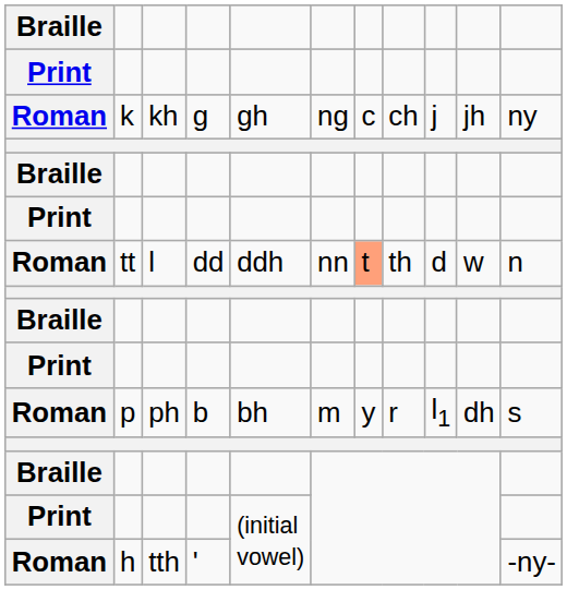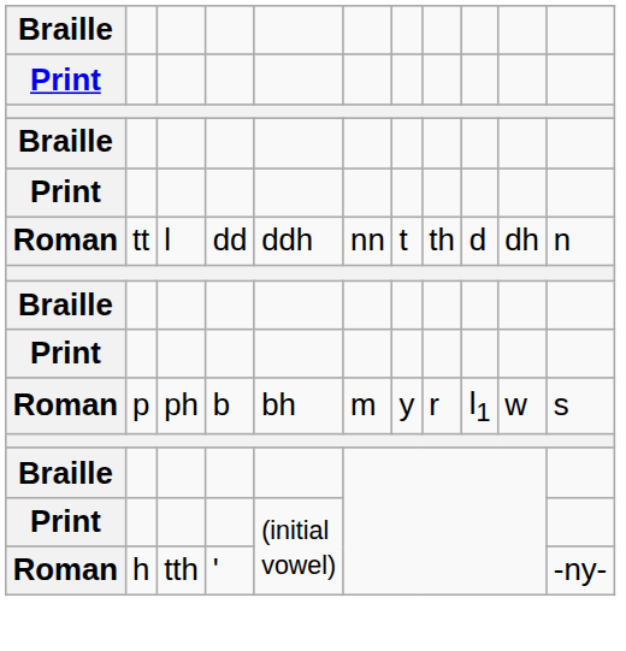 <table class="wikitable">
 <tr>
 <th>Braille</th>
 <td></td>
 <td></td>
 <td></td>
 <td></td>
 <td></td>
 <td></td>
 <td></td>
 <td></td>
 <td></td>
 <td></td>
 </tr>
 <tr>
 <th><a href='#'>Print</a></th>
 <td><big></big></td>
 <td><big></big></td>
 <td><big></big></td>
 <td><big></big></td>
 <td><big></big></td>
 <td><big></big></td>
 <td><big></big></td>
 <td><big></big></td>
 <td><big></big></td>
 <td><big></big></td>
-</tr>
-<tr>
-<th><a href='#'>Roman</a></th>
-<td>k</td>
-<td>kh</td>
-<td>g</td>
-<td>gh</td>
-<td>ng</td>
-<td>c</td>
-<td>ch</td>
-<td>j</td>
-<td>jh</td>
-<td>ny</td>
 </tr>
 <tr>
 <th colspan=11></th>
 </tr>
 <tr>
 <th>Braille</th>
 <td></td>
 <td></td>
 <td></td>
 <td></td>
 <td></td>
 <td></td>
 <td></td>
 <td></td>
 <td></td>
 <td></td>
 </tr>
 <tr>
 <th>Print</th>
 <td><big></big></td>
 <td><big></big></td>
 <td><big></big></td>
 <td><big></big></td>
 <td><big></big></td>
 <td><big></big></td>
 <td><big></big></td>
 <td><big></big></td>
 <td><big></big></td>
 <td><big></big></td>
 </tr>
 <tr>
 <th>Roman</th>
 <td>tt</td>
 <td>l</td>
 <td>dd</td>
 <td>ddh</td>
 <td>nn</td>
-<td style="background: lightsalmon;">t</td>
+<td>t</td>
 <td>th</td>
 <td>d</td>
-<td>w</td>
+<td>dh</td>
 <td>n</td>
 </tr>
 <tr>
 <th colspan=11></th>
 </tr>
 <tr>
 <th>Braille</th>
 <td></td>
 <td></td>
 <td></td>
 <td></td>
 <td></td>
 <td></td>
 <td></td>
 <td></td>
 <td></td>
 <td></td>
 </tr>
 <tr>
 <th>Print</th>
 <td><big></big></td>
 <td><big></big></td>
 <td><big></big></td>
 <td><big></big></td>
 <td><big></big></td>
 <td><big></big></td>
 <td><big></big></td>
 <td><big></big></td>
 <td><big></big></td>
 <td><big></big></td>
 </tr>
 <tr>
 <th>Roman</th>
 <td>p</td>
 <td>ph</td>
 <td>b</td>
 <td>bh</td>
 <td>m</td>
 <td>y</td>
 <td>r</td>
 <td>l<sub>1</sub></td>
-<td>dh</td>
+<td>w</td>
 <td>s</td>
 </tr>
 <tr>
 <th colspan=11></th>
 </tr>
 <tr>
 <th>Braille</th>
 <td></td>
 <td></td>
 <td></td>
 <td></td>
 <td rowspan=3 colspan=5></td>
 <td></td>
 </tr>
 <tr>
 <th>Print</th>
 <td><big></big></td>
 <td><big></big></td>
 <td><big></big></td>
 <td rowspan=2><small>(initial<br>vowel)</small></td>
 <td><big></big></td>
 </tr>
 <tr>
 <th>Roman</th>
 <td>h</td>
 <td>tth</td>
 <td>'</td>
 <td>-ny-</td>
 </tr>
 </table>
